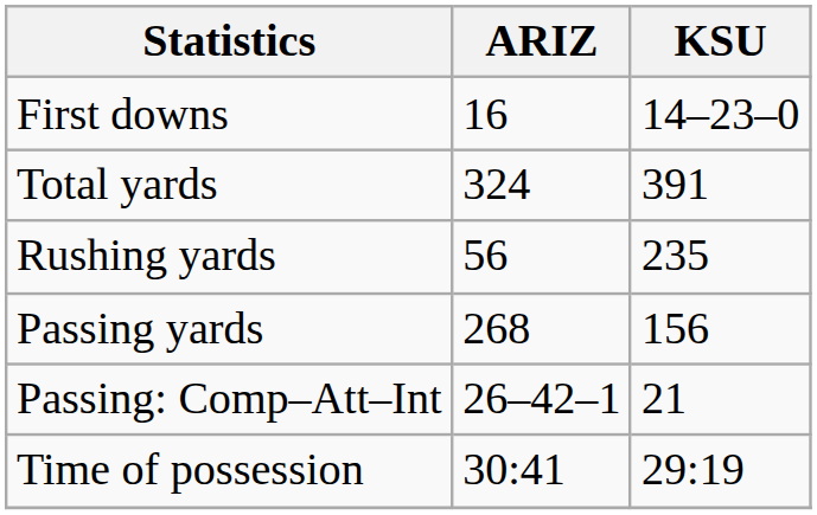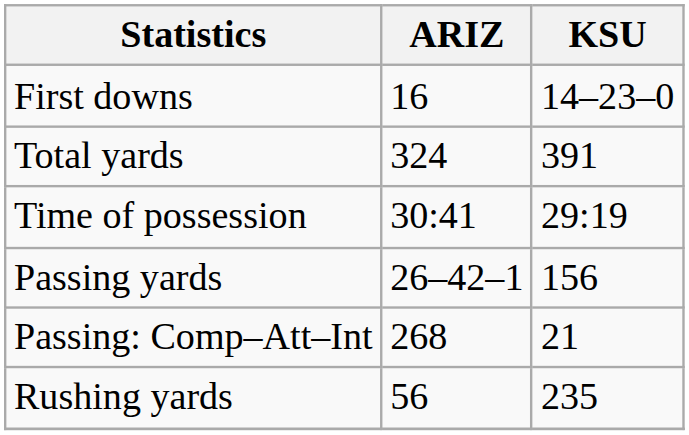 <table class="wikitable" style="float: left;">
 <tr>
 <th>Statistics</th>
 <th>ARIZ</th>
 <th>KSU</th>
 </tr>
 <tr>
 <td>First downs</td>
 <td>16</td>
 <td>14–23–0</td>
 </tr>
 <tr>
 <td>Total yards</td>
 <td>324</td>
 <td>391</td>
 </tr>
 <tr>
+<td>Time of possession</td>
+<td>30:41</td>
+<td>29:19</td>
+</tr>
+<tr>
+<td>Passing yards</td>
+<td>26–42–1</td>
+<td>156</td>
+</tr>
+<tr>
+<td>Passing: Comp–Att–Int</td>
+<td>268</td>
+<td>21</td>
+</tr>
+<tr>
 <td>Rushing yards</td>
 <td>56</td>
 <td>235</td>
 </tr>
 <tr>
-<td>Passing yards</td>
-<td>268</td>
-<td>156</td>
-</tr>
-<tr>
-<td>Passing: Comp–Att–Int</td>
-<td>26–42–1</td>
-<td>21</td>
-</tr>
-<tr>
-<td>Time of possession</td>
-<td>30:41</td>
-<td>29:19</td>
-</tr>
-<tr>
 </tr>
 </table>
